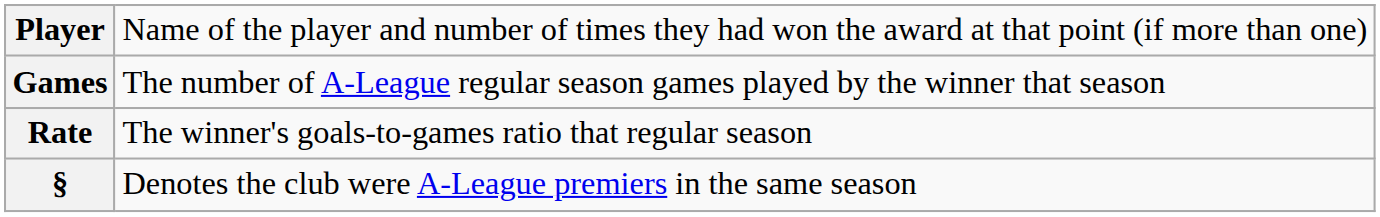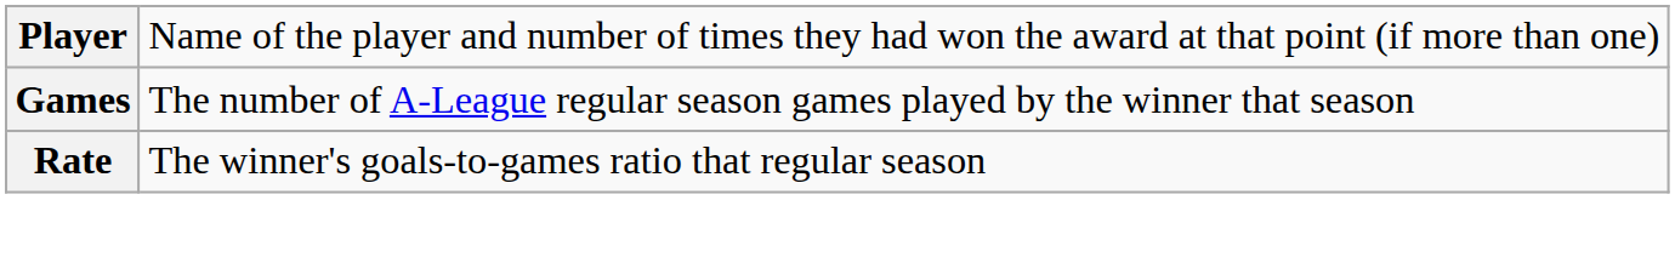 <table class="wikitable plainrowheaders">
 <tr>
 <th scope="row"><strong>Player </strong></th>
 <td>Name of the player and number of times they had won the award at that point (if more than one)</td>
 </tr>
 <tr>
 <th scope="row" style="text-align:center"><strong>Games</strong></th>
 <td>The number of <a href='#'>A-League</a> regular season games played by the winner that season</td>
 </tr>
 <tr>
 <th scope="row" style="text-align:center"><strong>Rate</strong></th>
 <td>The winner's goals-to-games ratio that regular season</td>
 </tr>
-<tr>
-<th scope="row" style="text-align:center">§</th>
-<td>Denotes the club were <a href='#'>A-League premiers</a> in the same season</td>
-</tr>
 </table>
